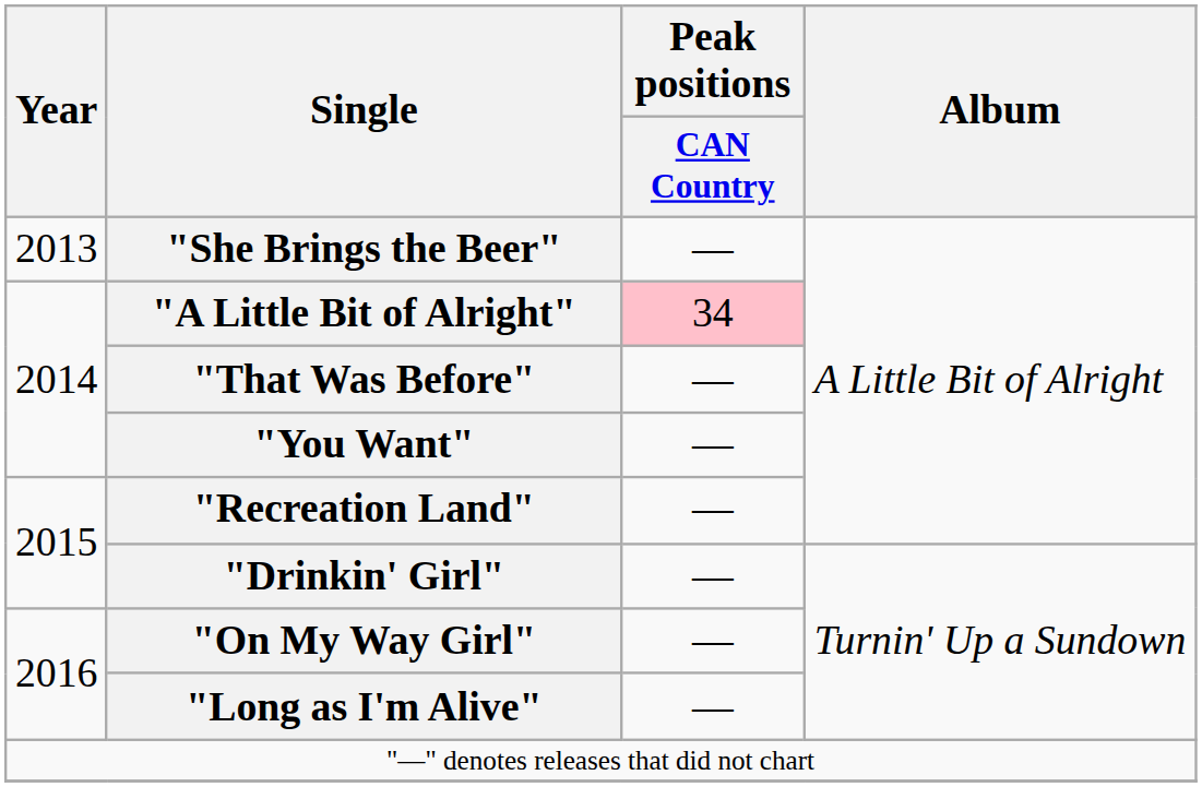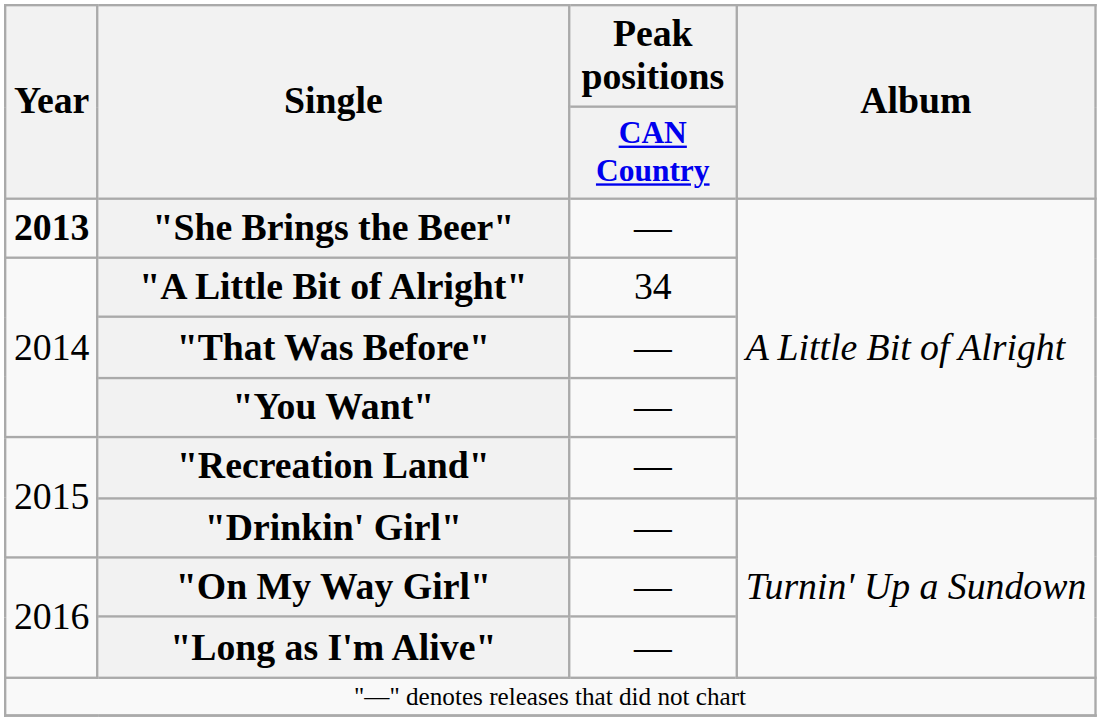 <table class="wikitable plainrowheaders" style="text-align:center;">
 <tr>
 <th rowspan="2">Year</th>
 <th rowspan="2" style="width:12em;">Single</th>
 <th>Peak positions</th>
 <th rowspan="2">Album</th>
 </tr>
 <tr style="font-size:smaller;">
 <th width="65"><a href='#'>CAN Country</a><br></th>
 </tr>
 <tr>
-<td>2013</td>
+<td><strong>2013</strong></td>
 <th scope="row">"She Brings the Beer"</th>
 <td>—</td>
 <td align="left" rowspan="5"><em>A Little Bit of Alright</em></td>
 </tr>
 <tr>
 <td rowspan="3">2014</td>
 <th scope="row">"A Little Bit of Alright"</th>
-<td style="background: pink;">34</td>
+<td>34</td>
 </tr>
 <tr>
 <th scope="row">"That Was Before"</th>
 <td>—</td>
 </tr>
 <tr>
 <th scope="row">"You Want"</th>
 <td>—</td>
 </tr>
 <tr>
 <td rowspan="2">2015</td>
 <th scope="row">"Recreation Land"</th>
 <td>—</td>
 </tr>
 <tr>
 <th scope="row">"Drinkin' Girl"</th>
 <td>—</td>
 <td align="left" rowspan="3"><em>Turnin' Up a Sundown</em></td>
 </tr>
 <tr>
 <td rowspan="2">2016</td>
 <th scope="row">"On My Way Girl"</th>
 <td>—</td>
 </tr>
 <tr>
 <th scope="row">"Long as I'm Alive"</th>
 <td>—</td>
 </tr>
 <tr>
 <td colspan="4" style="font-size:8pt">"—" denotes releases that did not chart</td>
 </tr>
 <tr>
 </tr>
 </table>
